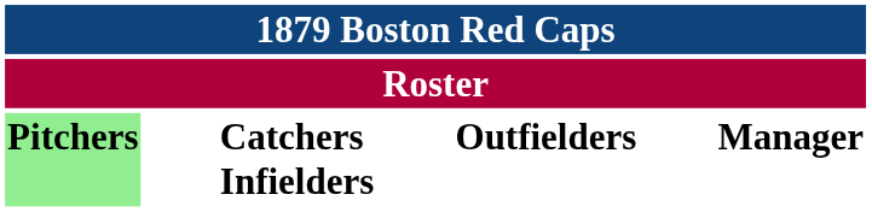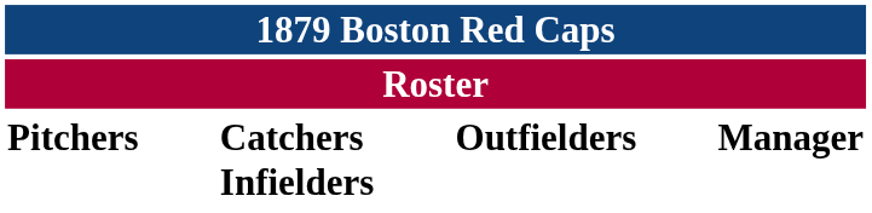 <table class="toccolours" style="font-size: 95%;">
 <tr>
 <th colspan="10" style="background-color: #0f437c; color: #FFFFFF; text-align: center;">1879 Boston Red Caps</th>
 </tr>
 <tr>
 <td colspan="10" style="background-color: #af0039; color: white; text-align: center;"><strong>Roster</strong></td>
 </tr>
 <tr>
-<td valign="top" style="background: lightgreen;"><strong>Pitchers</strong><br>   </td>
+<td valign="top"><strong>Pitchers</strong><br>   </td>
 <td width="25px"></td>
 <td valign="top"><strong>Catchers</strong><br> <strong>Infielders</strong>    </td>
 <td width="25px"></td>
 <td valign="top"><strong>Outfielders</strong><br>   </td>
 <td width="25px"></td>
 <td valign="top"><strong>Manager</strong><br></td>
 </tr>
 </table>
